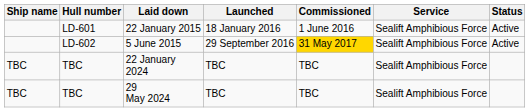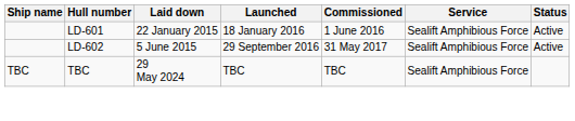 <table class="wikitable">
 <tr>
 <th>Ship name</th>
 <th>Hull number</th>
 <th>Laid down</th>
 <th>Launched</th>
 <th>Commissioned</th>
 <th>Service</th>
 <th>Status</th>
 </tr>
 <tr>
 <td></td>
 <td>LD-601</td>
 <td>22 January 2015</td>
 <td>18 January 2016</td>
 <td>1 June 2016</td>
 <td>Sealift Amphibious Force</td>
 <td>Active</td>
 </tr>
 <tr>
 <td></td>
 <td>LD-602</td>
 <td>5 June 2015</td>
 <td>29 September 2016</td>
-<td style="background: gold;">31 May 2017</td>
+<td>31 May 2017</td>
 <td>Sealift Amphibious Force</td>
 <td>Active</td>
-</tr>
-<tr>
-<td>TBC</td>
-<td>TBC</td>
-<td>22 January<br>2024</td>
-<td>TBC</td>
-<td>TBC</td>
-<td>Sealift Amphibious Force</td>
-<td></td>
 </tr>
 <tr>
 <td>TBC</td>
 <td>TBC</td>
 <td>29<br>May 2024</td>
 <td>TBC</td>
 <td>TBC</td>
 <td>Sealift Amphibious Force</td>
 <td></td>
 </tr>
 </table>
